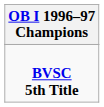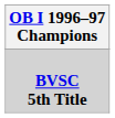 <table class="wikitable" style="text-align: center; margin: 0 auto;">
 <tr>
 <th><a href='#'>OB I</a> 1996–97<br>Champions</th>
 </tr>
 <tr>
 </tr>
 <tr>
-<td> <br><strong><a href='#'>BVSC</a></strong><br><strong>5th Title</strong></td>
+<td style="background: lightgrey;"> <br><strong><a href='#'>BVSC</a></strong><br><strong>5th Title</strong></td>
 </tr>
 </table>
